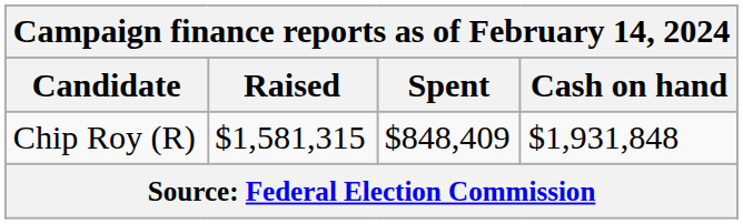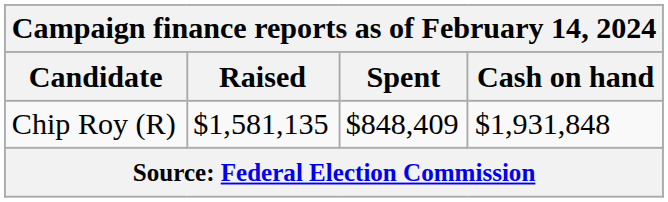 <table class="wikitable sortable">
 <tr>
 <th colspan=4>Campaign finance reports as of February 14, 2024</th>
 </tr>
 <tr style="text-align:center;">
 <th>Candidate</th>
 <th>Raised</th>
 <th>Spent</th>
 <th>Cash on hand</th>
 </tr>
 <tr>
 <td style="background-color:">Chip Roy (R)</td>
-<td>$1,581,315</td>
+<td>$1,581,135</td>
 <td>$848,409</td>
 <td>$1,931,848</td>
 </tr>
 <tr>
 <th colspan="4"><small>Source: <a href='#'>Federal Election Commission</a></small></th>
 </tr>
 </table>
